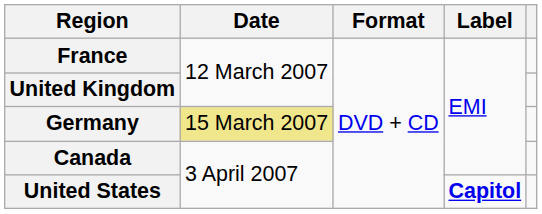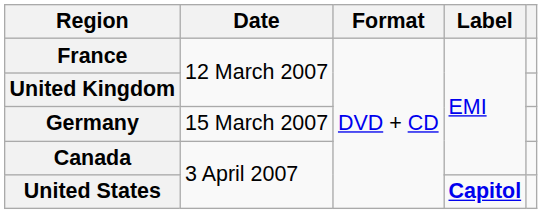 <table class="wikitable plainrowheaders">
 <tr>
 <th scope="col">Region</th>
 <th scope="col">Date</th>
 <th scope="col">Format</th>
 <th scope="col">Label</th>
 <th scope="col"></th>
 </tr>
 <tr>
 <th scope="row">France</th>
 <td rowspan="2">12 March 2007</td>
 <td rowspan="5"><a href='#'>DVD</a> + <a href='#'>CD</a></td>
 <td rowspan="4"><a href='#'>EMI</a></td>
 <td align="center"></td>
 </tr>
 <tr>
 <th scope="row">United Kingdom</th>
 <td align="center"></td>
 </tr>
 <tr>
 <th scope="row">Germany</th>
-<td style="background: khaki;">15 March 2007</td>
+<td>15 March 2007</td>
 <td align="center"></td>
 </tr>
 <tr>
 <th scope="row">Canada</th>
 <td rowspan="2">3 April 2007</td>
 <td align="center"></td>
 </tr>
 <tr>
 <th scope="row">United States</th>
 <td><strong><a href='#'>Capitol</a></strong></td>
 <td align="center"></td>
 </tr>
 </table>
